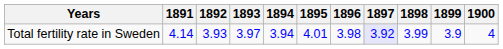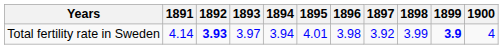 <table class="wikitable " style="text-align:right">
 <tr>
 <th>Years</th>
 <th>1891</th>
 <th>1892</th>
 <th>1893</th>
 <th>1894</th>
 <th>1895</th>
 <th>1896</th>
 <th>1897</th>
 <th>1898</th>
 <th>1899</th>
 <th>1900</th>
 </tr>
 <tr>
 <td style="text-align:left;">Total fertility rate in Sweden</td>
 <td style="text-align:right; color:blue;">4.14</td>
-<td style="text-align:right; color:blue;">3.93</td>
+<td style="text-align:right; color:blue;"><strong>3.93</strong></td>
 <td style="text-align:right; color:blue;">3.97</td>
 <td style="text-align:right; color:blue;">3.94</td>
 <td style="text-align:right; color:blue;">4.01</td>
 <td style="text-align:right; color:blue;">3.98</td>
-<td style="background: lavender; text-align:right; color:blue;">3.92</td>
+<td style="text-align:right; color:blue;">3.92</td>
 <td style="text-align:right; color:blue;">3.99</td>
-<td style="text-align:right; color:blue;">3.9</td>
+<td style="text-align:right; color:blue;"><strong>3.9</strong></td>
 <td style="text-align:right; color:blue;">4</td>
 </tr>
 </table>
